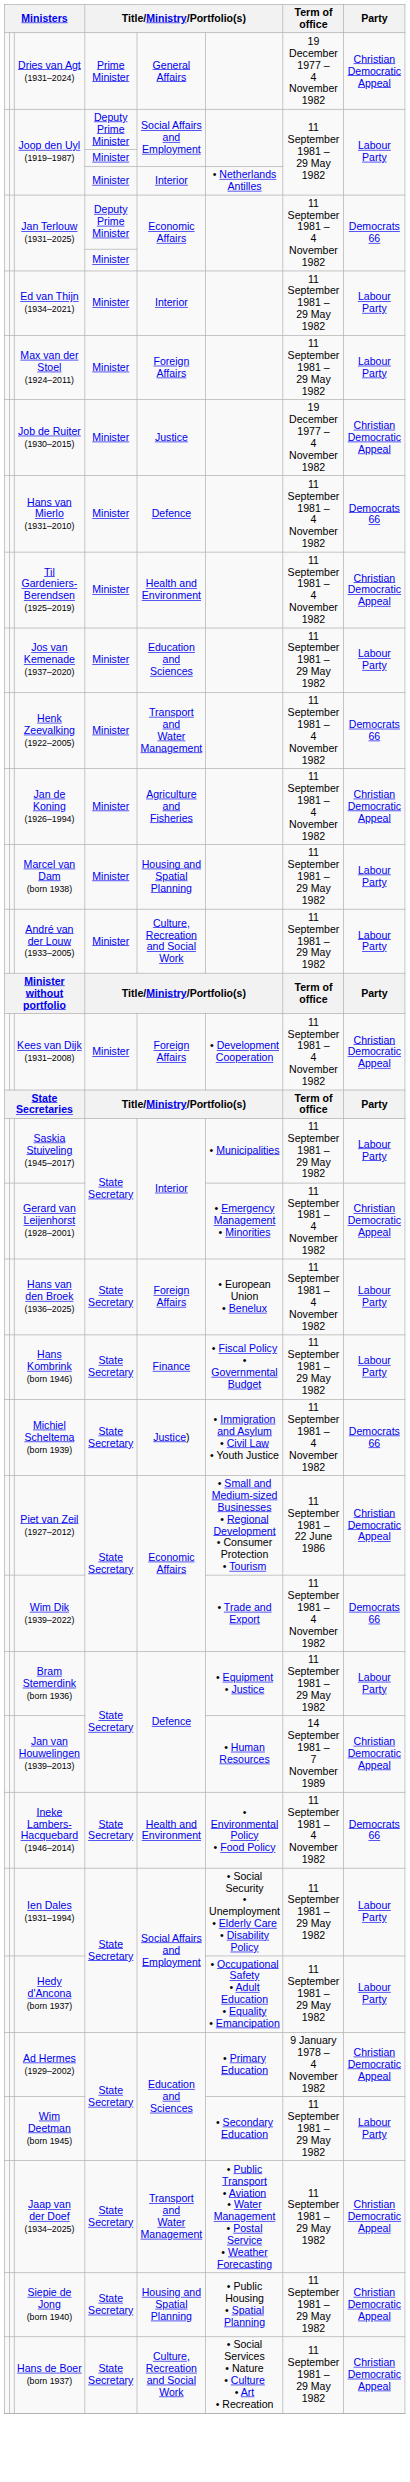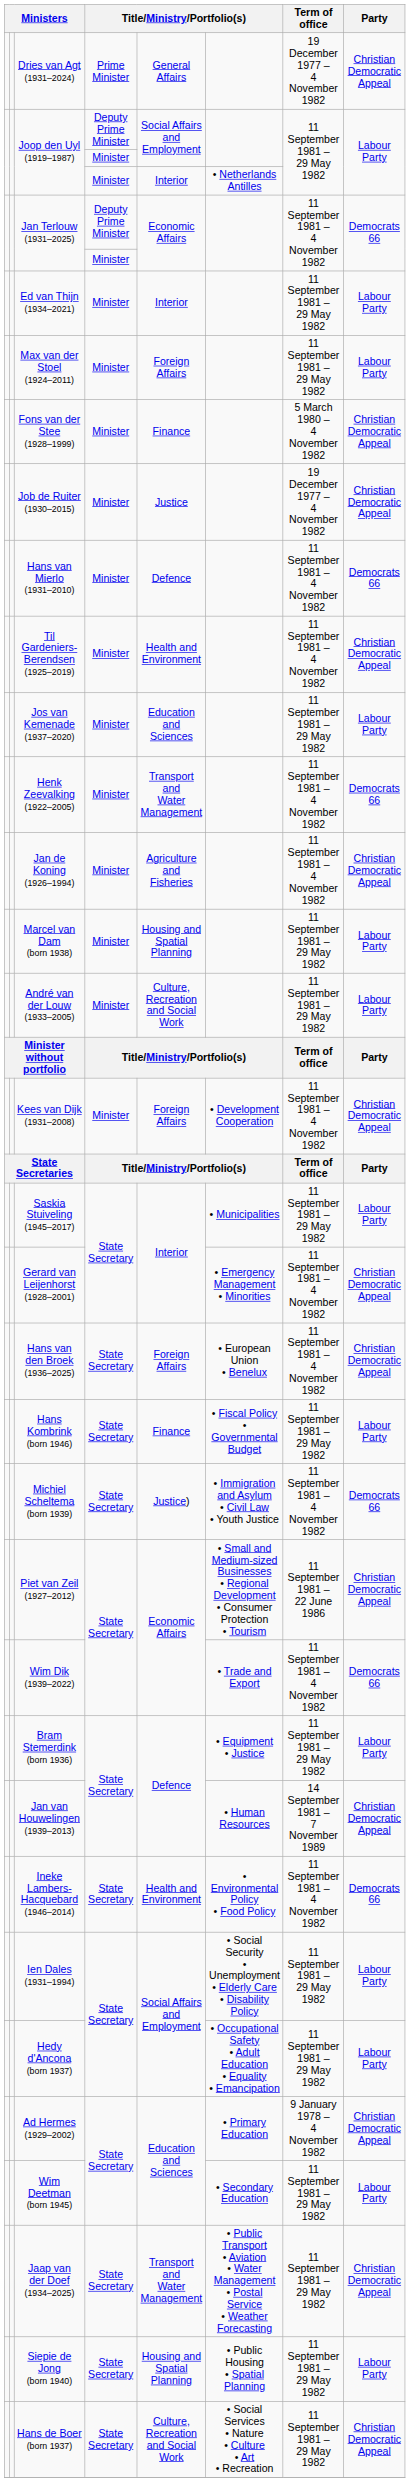 <table class="wikitable" style="text-align:center">
 <tr>
 <th colspan=3><a href='#'>Ministers</a></th>
 <th colspan=3>Title/<a href='#'>Ministry</a>/Portfolio(s)</th>
 <th>Term of office</th>
 <th>Party</th>
 </tr>
 <tr>
 <td style="background:"></td>
 <td></td>
 <td><a href='#'>Dries van Agt</a> <br> <small>(1931–2024)</small></td>
 <td><a href='#'>Prime Minister</a></td>
 <td><a href='#'>General Affairs</a></td>
 <td></td>
 <td>19 December 1977 – <br> 4 November 1982 <br>  </td>
 <td><a href='#'>Christian <br> Democratic Appeal</a></td>
 </tr>
 <tr>
 <td rowspan=3 style="background:"></td>
 <td rowspan=3></td>
 <td rowspan=3><a href='#'>Joop den Uyl</a> <br> <small>(1919–1987)</small></td>
 <td><a href='#'>Deputy <br> Prime Minister</a></td>
 <td rowspan=2><a href='#'>Social Affairs and <br> Employment</a></td>
 <td rowspan=2></td>
 <td rowspan=3>11 September 1981 – <br> 29 May 1982 <br> </td>
 <td rowspan=3><a href='#'>Labour Party</a></td>
 </tr>
 <tr>
 <td><a href='#'>Minister</a></td>
 </tr>
 <tr>
 <td><a href='#'>Minister</a></td>
 <td><a href='#'>Interior</a></td>
 <td>• <a href='#'>Netherlands <br> Antilles</a></td>
 </tr>
 <tr>
 <td rowspan=2 style="background:"></td>
 <td rowspan=2></td>
 <td rowspan=2><a href='#'>Jan Terlouw</a> <br> <small>(1931–2025)</small></td>
 <td><a href='#'>Deputy <br> Prime Minister</a></td>
 <td rowspan=2><a href='#'>Economic Affairs</a></td>
 <td rowspan=2></td>
 <td rowspan=2>11 September 1981 – <br> 4 November 1982 <br> </td>
 <td rowspan=2><a href='#'>Democrats 66</a></td>
 </tr>
 <tr>
 <td><a href='#'>Minister</a></td>
 </tr>
 <tr>
 <td style="background:"></td>
 <td></td>
 <td><a href='#'>Ed van Thijn</a> <br> <small>(1934–2021)</small></td>
 <td><a href='#'>Minister</a></td>
 <td><a href='#'>Interior</a></td>
 <td></td>
 <td>11 September 1981 – <br> 29 May 1982 <br> </td>
 <td><a href='#'>Labour Party</a></td>
 </tr>
 <tr>
 <td style="background:"></td>
 <td></td>
 <td><a href='#'>Max van der Stoel</a> <br> <small>(1924–2011)</small></td>
 <td><a href='#'>Minister</a></td>
 <td><a href='#'>Foreign Affairs</a></td>
 <td></td>
 <td>11 September 1981 – <br> 29 May 1982 <br> </td>
 <td><a href='#'>Labour Party</a></td>
+</tr>
+<tr>
+<td style="background:"></td>
+<td></td>
+<td><a href='#'>Fons van der Stee</a> <br> <small>(1928–1999)</small></td>
+<td><a href='#'>Minister</a></td>
+<td><a href='#'>Finance</a></td>
+<td></td>
+<td>5 March 1980 – <br> 4 November 1982 <br>  </td>
+<td><a href='#'>Christian <br> Democratic Appeal</a></td>
 </tr>
 <tr>
 <td style="background:"></td>
 <td></td>
 <td><a href='#'>Job de Ruiter</a> <br> <small>(1930–2015)</small></td>
 <td><a href='#'>Minister</a></td>
 <td><a href='#'>Justice</a></td>
 <td></td>
 <td>19 December 1977 – <br> 4 November 1982 <br>  </td>
 <td><a href='#'>Christian <br> Democratic Appeal</a></td>
 </tr>
 <tr>
 <td style="background:"></td>
 <td></td>
 <td><a href='#'>Hans van Mierlo</a> <br> <small>(1931–2010)</small></td>
 <td><a href='#'>Minister</a></td>
 <td><a href='#'>Defence</a></td>
 <td></td>
 <td>11 September 1981 – <br> 4 November 1982 <br> </td>
 <td><a href='#'>Democrats 66</a></td>
 </tr>
 <tr>
 <td style="background:"></td>
 <td></td>
 <td><a href='#'>Til Gardeniers-<br>Berendsen</a> <br> <small>(1925–2019)</small></td>
 <td><a href='#'>Minister</a></td>
 <td><a href='#'>Health and <br> Environment</a></td>
 <td></td>
 <td>11 September 1981 – <br> 4 November 1982 <br> </td>
 <td><a href='#'>Christian <br> Democratic Appeal</a></td>
 </tr>
 <tr>
 <td style="background:"></td>
 <td></td>
 <td><a href='#'>Jos van Kemenade</a> <br> <small>(1937–2020)</small></td>
 <td><a href='#'>Minister</a></td>
 <td><a href='#'>Education and <br> Sciences</a></td>
 <td></td>
 <td>11 September 1981 – <br> 29 May 1982 <br> </td>
 <td><a href='#'>Labour Party</a></td>
 </tr>
 <tr>
 <td style="background:"></td>
 <td></td>
 <td><a href='#'>Henk Zeevalking</a> <br> <small>(1922–2005)</small></td>
 <td><a href='#'>Minister</a></td>
 <td><a href='#'>Transport and <br> Water Management</a></td>
 <td></td>
 <td>11 September 1981 – <br> 4 November 1982 <br> </td>
 <td><a href='#'>Democrats 66</a></td>
 </tr>
 <tr>
 <td style="background:"></td>
 <td></td>
 <td><a href='#'>Jan de Koning</a> <br> <small>(1926–1994)</small></td>
 <td><a href='#'>Minister</a></td>
 <td><a href='#'>Agriculture and <br> Fisheries</a></td>
 <td></td>
 <td>11 September 1981 – <br> 4 November 1982 <br> </td>
 <td><a href='#'>Christian <br> Democratic Appeal</a></td>
 </tr>
 <tr>
 <td style="background:"></td>
 <td></td>
 <td><a href='#'>Marcel van Dam</a> <br> <small>(born 1938)</small></td>
 <td><a href='#'>Minister</a></td>
 <td><a href='#'>Housing and <br> Spatial Planning</a></td>
 <td></td>
 <td>11 September 1981 – <br> 29 May 1982 <br> </td>
 <td><a href='#'>Labour Party</a></td>
 </tr>
 <tr>
 <td style="background:"></td>
 <td></td>
 <td><a href='#'>André van <br> der Louw</a> <br> <small>(1933–2005)</small></td>
 <td><a href='#'>Minister</a></td>
 <td><a href='#'>Culture, Recreation <br> and Social Work</a></td>
 <td></td>
 <td>11 September 1981 – <br> 29 May 1982 <br> </td>
 <td><a href='#'>Labour Party</a></td>
 </tr>
 <tr>
 <th colspan=3><a href='#'>Minister without portfolio</a></th>
 <th colspan=3>Title/<a href='#'>Ministry</a>/Portfolio(s)</th>
 <th>Term of office</th>
 <th>Party</th>
 </tr>
 <tr>
 <td style="background:"></td>
 <td></td>
 <td><a href='#'>Kees van Dijk</a> <br> <small>(1931–2008)</small></td>
 <td><a href='#'>Minister</a></td>
 <td><a href='#'>Foreign Affairs</a></td>
 <td>• <a href='#'>Development <br> Cooperation</a></td>
 <td>11 September 1981 – <br> 4 November 1982 <br> </td>
 <td><a href='#'>Christian <br> Democratic Appeal</a></td>
 </tr>
 <tr>
 <th colspan=3><a href='#'>State Secretaries</a></th>
 <th colspan=3>Title/<a href='#'>Ministry</a>/Portfolio(s)</th>
 <th>Term of office</th>
 <th>Party</th>
 </tr>
 <tr>
 <td style="background:"></td>
 <td></td>
 <td><a href='#'>Saskia Stuiveling</a> <br> <small>(1945–2017)</small></td>
 <td rowspan=2><a href='#'>State Secretary</a></td>
 <td rowspan=2><a href='#'>Interior</a></td>
 <td>• <a href='#'>Municipalities</a></td>
 <td>11 September 1981 – <br> 29 May 1982 <br> </td>
 <td><a href='#'>Labour Party</a></td>
 </tr>
 <tr>
 <td style="background:"></td>
 <td></td>
 <td><a href='#'>Gerard van <br> Leijenhorst</a> <br> <small>(1928–2001)</small></td>
 <td>• <a href='#'>Emergency <br> Management</a> <br> • <a href='#'>Minorities</a></td>
 <td>11 September 1981 – <br> 4 November 1982 <br> </td>
 <td><a href='#'>Christian <br> Democratic Appeal</a></td>
 </tr>
 <tr>
 <td style="background:"></td>
 <td></td>
 <td><a href='#'>Hans van <br> den Broek</a> <br> <small>(1936–2025)</small></td>
 <td><a href='#'>State Secretary</a></td>
 <td><a href='#'>Foreign Affairs</a></td>
 <td>• European Union <br> • <a href='#'>Benelux</a></td>
 <td>11 September 1981 – <br> 4 November 1982 <br> </td>
-<td><a href='#'>Labour Party</a></td>
+<td><a href='#'>Christian <br> Democratic Appeal</a></td>
 </tr>
 <tr>
 <td style="background:"></td>
 <td></td>
 <td><a href='#'>Hans Kombrink</a> <br> <small>(born 1946)</small></td>
 <td><a href='#'>State Secretary</a></td>
 <td><a href='#'>Finance</a></td>
 <td>• <a href='#'>Fiscal Policy</a> <br> • <a href='#'>Governmental <br> Budget</a></td>
 <td>11 September 1981 – <br> 29 May 1982 <br> </td>
 <td><a href='#'>Labour Party</a></td>
 </tr>
 <tr>
 <td style="background:"></td>
 <td></td>
 <td><a href='#'>Michiel <br> Scheltema</a> <br> <small>(born 1939)</small></td>
 <td><a href='#'>State Secretary</a></td>
 <td><a href='#'>Justice</a>)</td>
 <td>• <a href='#'>Immigration <br> and Asylum</a> <br> • <a href='#'>Civil Law</a> <br> • Youth Justice</td>
 <td>11 September 1981 – <br> 4 November 1982 <br> </td>
 <td><a href='#'>Democrats 66</a></td>
 </tr>
 <tr>
 <td style="background:"></td>
 <td></td>
 <td><a href='#'>Piet van Zeil</a> <br> <small>(1927–2012)</small></td>
 <td rowspan=2><a href='#'>State Secretary</a></td>
 <td rowspan=2><a href='#'>Economic Affairs</a></td>
 <td>• <a href='#'>Small and <br> Medium-sized <br> Businesses</a> <br> • <a href='#'>Regional <br> Development</a> <br> • Consumer <br> Protection <br> • <a href='#'>Tourism</a></td>
 <td>11 September 1981 – <br> 22 June 1986 <br> </td>
 <td><a href='#'>Christian <br> Democratic Appeal</a></td>
 </tr>
 <tr>
 <td style="background:"></td>
 <td></td>
 <td><a href='#'>Wim Dik</a> <br> <small>(1939–2022)</small></td>
 <td>• <a href='#'>Trade and Export</a></td>
 <td>11 September 1981 – <br> 4 November 1982 <br> </td>
 <td><a href='#'>Democrats 66</a></td>
 </tr>
 <tr>
 <td style="background:"></td>
 <td></td>
 <td><a href='#'>Bram Stemerdink</a> <br> <small>(born 1936)</small></td>
 <td rowspan=2><a href='#'>State Secretary</a></td>
 <td rowspan=2><a href='#'>Defence</a></td>
 <td>• <a href='#'>Equipment</a> <br> • <a href='#'>Justice</a></td>
 <td>11 September 1981 – <br> 29 May 1982 <br> </td>
 <td><a href='#'>Labour Party</a></td>
 </tr>
 <tr>
 <td style="background:"></td>
 <td></td>
 <td><a href='#'>Jan van <br> Houwelingen</a> <br> <small>(1939–2013)</small></td>
 <td>• <a href='#'>Human <br> Resources</a></td>
 <td>14 September 1981 – <br> 7 November 1989 <br> </td>
 <td><a href='#'>Christian <br> Democratic Appeal</a></td>
 </tr>
 <tr>
 <td style="background:"></td>
 <td></td>
 <td><a href='#'>Ineke Lambers-<br>Hacquebard</a> <br> <small>(1946–2014)</small></td>
 <td><a href='#'>State Secretary</a></td>
 <td><a href='#'>Health and <br> Environment</a></td>
 <td>• <a href='#'>Environmental <br> Policy</a> <br> • <a href='#'>Food Policy</a></td>
 <td>11 September 1981 – <br> 4 November 1982 <br> </td>
 <td><a href='#'>Democrats 66</a></td>
 </tr>
 <tr>
 <td style="background:"></td>
 <td></td>
 <td><a href='#'>Ien Dales</a> <br> <small>(1931–1994)</small></td>
 <td rowspan=2><a href='#'>State Secretary</a></td>
 <td rowspan=2><a href='#'>Social Affairs and <br> Employment</a></td>
 <td>• Social Security <br> • Unemployment <br> • <a href='#'>Elderly Care</a> <br> • <a href='#'>Disability Policy</a></td>
 <td>11 September 1981 – <br> 29 May 1982 <br> </td>
 <td><a href='#'>Labour Party</a></td>
 </tr>
 <tr>
 <td style="background:"></td>
 <td></td>
 <td><a href='#'>Hedy d'Ancona</a> <br> <small>(born 1937)</small></td>
 <td>• <a href='#'>Occupational <br> Safety</a> <br> • <a href='#'>Adult <br> Education</a> <br> • <a href='#'>Equality</a> <br> • <a href='#'>Emancipation</a></td>
 <td>11 September 1981 – <br> 29 May 1982 <br> </td>
 <td><a href='#'>Labour Party</a></td>
 </tr>
 <tr>
 <td style="background:"></td>
 <td></td>
 <td><a href='#'>Ad Hermes</a> <br> <small>(1929–2002)</small></td>
 <td rowspan=2><a href='#'>State Secretary</a></td>
 <td rowspan=2><a href='#'>Education and <br> Sciences</a></td>
 <td>• <a href='#'>Primary <br> Education</a></td>
 <td>9 January 1978 – <br> 4 November 1982 <br>  </td>
 <td><a href='#'>Christian <br> Democratic Appeal</a></td>
 </tr>
 <tr>
 <td style="background:"></td>
 <td></td>
 <td><a href='#'>Wim Deetman</a> <br> <small>(born 1945)</small></td>
 <td>• <a href='#'>Secondary <br> Education</a></td>
 <td>11 September 1981 – <br> 29 May 1982</td>
 <td><a href='#'>Labour Party</a></td>
 </tr>
 <tr>
 <td style="background:"></td>
 <td></td>
 <td><a href='#'>Jaap van <br> der Doef</a> <br> <small>(1934–2025)</small></td>
 <td><a href='#'>State Secretary</a></td>
 <td><a href='#'>Transport and <br> Water Management</a></td>
 <td>• <a href='#'>Public <br> Transport</a> <br> • <a href='#'>Aviation</a> <br> • <a href='#'>Water <br> Management</a> <br> • <a href='#'>Postal Service</a> <br> • <a href='#'>Weather <br> Forecasting</a></td>
 <td>11 September 1981 – <br> 29 May 1982 <br> </td>
 <td><a href='#'>Christian <br> Democratic Appeal</a></td>
 </tr>
 <tr>
 <td style="background:"></td>
 <td></td>
 <td><a href='#'>Siepie de Jong</a> <br> <small>(born 1940)</small></td>
 <td><a href='#'>State Secretary</a></td>
 <td><a href='#'>Housing and <br> Spatial Planning</a></td>
 <td>• Public Housing <br> • <a href='#'>Spatial Planning</a></td>
 <td>11 September 1981 – <br> 29 May 1982 <br> </td>
-<td><a href='#'>Christian <br> Democratic Appeal</a></td>
+<td><a href='#'>Labour Party</a></td>
 </tr>
 <tr>
 <td style="background:"></td>
 <td></td>
 <td><a href='#'>Hans de Boer</a> <br> <small>(born 1937)</small></td>
 <td><a href='#'>State Secretary</a></td>
 <td><a href='#'>Culture, Recreation <br> and Social Work</a></td>
 <td>• Social Services <br> • Nature <br> • <a href='#'>Culture</a> <br> • <a href='#'>Art</a> <br> • Recreation</td>
 <td>11 September 1981 – <br> 29 May 1982</td>
 <td><a href='#'>Christian <br> Democratic Appeal</a></td>
 </tr>
 <tr>
 </tr>
 </table>
